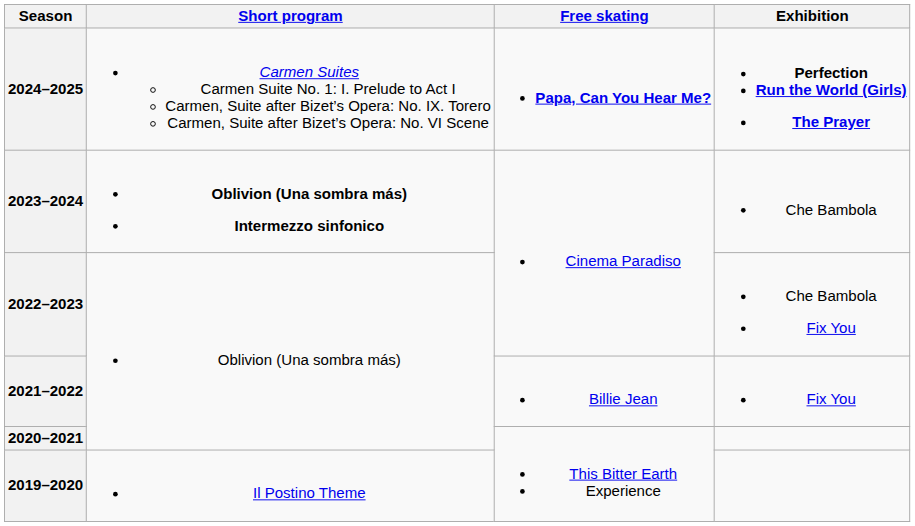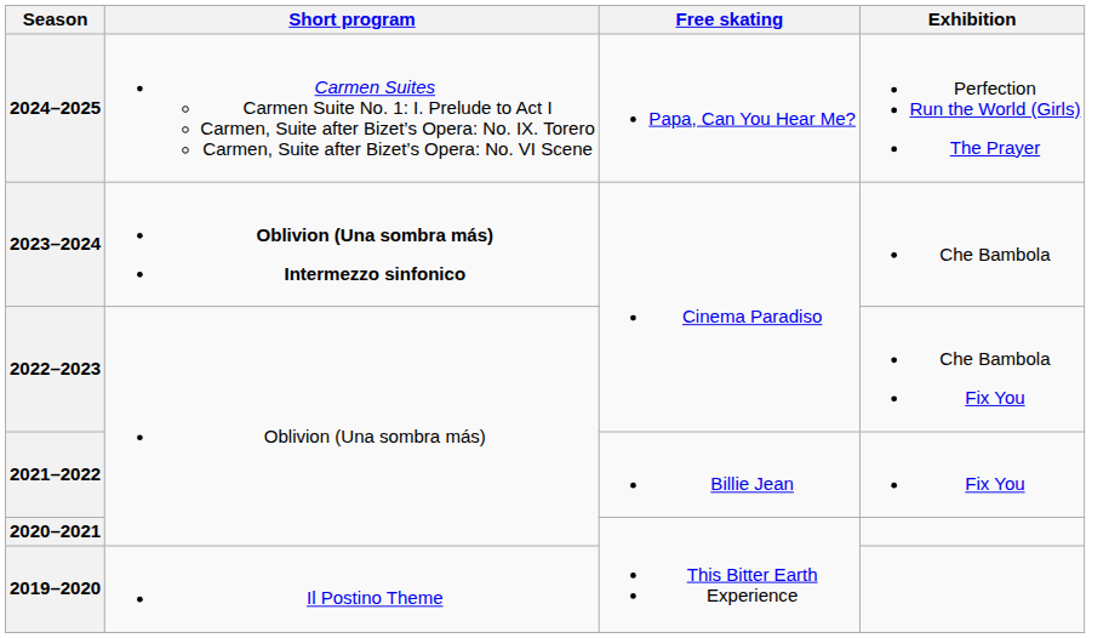 <table class=wikitable style=text-align:center>
 <tr>
 <th>Season</th>
 <th><a href='#'>Short program</a></th>
 <th><a href='#'>Free skating</a></th>
 <th>Exhibition</th>
 </tr>
 <tr>
 <th>2024–2025 <br> </th>
 <td><br><ul><li><em><a href='#'>Carmen Suites</a></em> <br> <ul><li>Carmen Suite No. 1: I. Prelude to Act I <br> </li><li>Carmen, Suite after Bizet’s Opera: No. IX. Torero</li><li>Carmen, Suite after Bizet’s Opera:  No. VI Scene <br> </li></ul></li></ul></td>
-<td><strong><br><ul><li><a href='#'>Papa, Can You Hear Me?</a> <br> </li></ul></strong></td>
-<td><strong><br><ul><li>Perfection <br> </li><li><a href='#'>Run the World (Girls)</a> <br> </li></ul><ul><li><a href='#'>The Prayer</a> <br> </li></ul></strong></td>
+<td><br><ul><li><a href='#'>Papa, Can You Hear Me?</a> <br> </li></ul></td>
+<td><br><ul><li>Perfection <br> </li><li><a href='#'>Run the World (Girls)</a> <br> </li></ul><ul><li><a href='#'>The Prayer</a> <br> </li></ul></td>
 </tr>
 <tr>
 <th>2023–2024 <br> </th>
 <td><strong><br><ul><li>Oblivion (Una sombra más)<br></li></ul><ul><li>Intermezzo sinfonico <br> </li></ul></strong></td>
 <td rowspan=2><br><ul><li><a href='#'>Cinema Paradiso</a> <br> </li></ul></td>
 <td><br><ul><li>Che Bambola <br></li></ul></td>
 </tr>
 <tr>
 <th>2022–2023 <br> </th>
 <td rowspan=3><br><ul><li>Oblivion (Una sombra más)<br></li></ul></td>
 <td><br><ul><li>Che Bambola <br></li></ul><ul><li><a href='#'>Fix You</a> <br></li></ul></td>
 </tr>
 <tr>
 <th>2021–2022 <br> </th>
 <td><br><ul><li><a href='#'>Billie Jean</a> <br> </li></ul></td>
 <td><br><ul><li><a href='#'>Fix You</a> <br></li></ul></td>
 </tr>
 <tr>
 <th>2020–2021 <br> </th>
 <td rowspan=2><br><ul><li><a href='#'>This Bitter Earth</a><br></li><li>Experience<br></li></ul></td>
 <td></td>
 </tr>
 <tr>
 <th>2019–2020 <br> </th>
 <td><br><ul><li><a href='#'>Il Postino Theme</a> <br></li></ul></td>
 <td></td>
 </tr>
 </table>
